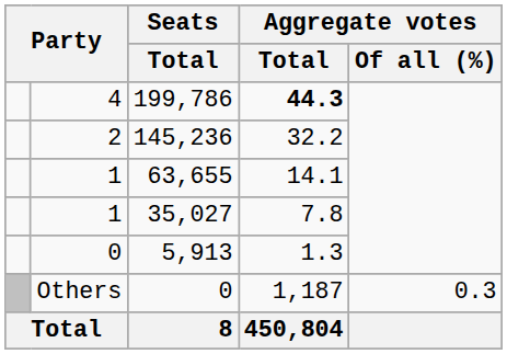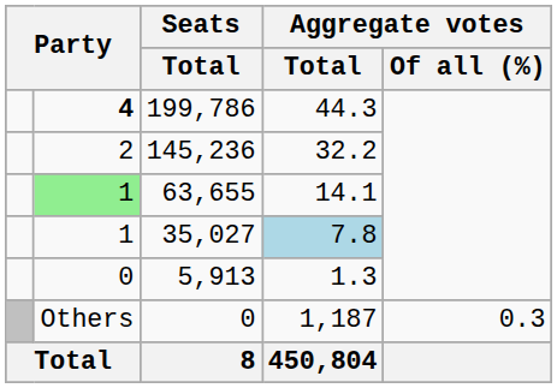 <table class="wikitable" style="text-align:right; font-size:95%;">
 <tr>
 <th colspan="2" rowspan="2">Party</th>
 <th>Seats</th>
 <th colspan="2">Aggregate votes</th>
 </tr>
 <tr>
 <th>Total</th>
 <th>Total</th>
 <th>Of all (%)</th>
 </tr>
 <tr>
 <td></td>
-<td>4</td>
+<td><strong>4</strong></td>
 <td>199,786</td>
-<td><strong>44.3</strong></td>
+<td>44.3</td>
 </tr>
 <tr>
 <td></td>
 <td>2</td>
 <td>145,236</td>
 <td>32.2</td>
 </tr>
 <tr>
 <td></td>
-<td>1</td>
+<td style="background: lightgreen;">1</td>
 <td>63,655</td>
 <td>14.1</td>
 </tr>
 <tr>
 <td></td>
 <td>1</td>
 <td>35,027</td>
-<td>7.8</td>
+<td style="background: lightblue;">7.8</td>
 </tr>
 <tr>
 <td></td>
 <td>0</td>
 <td>5,913</td>
 <td>1.3</td>
 </tr>
 <tr>
 <td style="background:silver;"> </td>
 <td align=left>Others</td>
 <td>0</td>
 <td>1,187</td>
 <td>0.3</td>
 </tr>
 <tr>
 <th colspan="2" style="background:#f2f2f2"><strong>Total</strong></th>
 <td style="background:#f2f2f2;"><strong>8</strong></td>
 <td style="background:#f2f2f2;"><strong>450,804</strong></td>
 <td style="background:#f2f2f2;"></td>
 </tr>
 </table>
